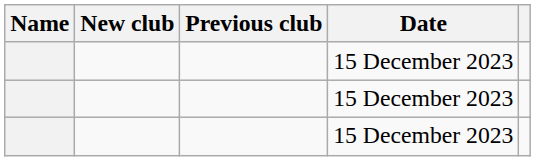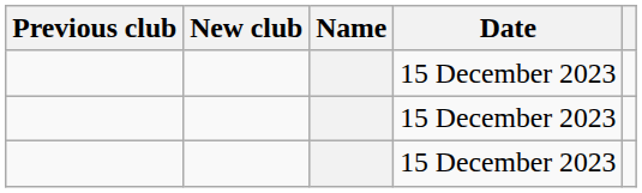 <table class="wikitable sortable plainrowheaders">
 <tr>
+<th>Previous club</th>
+<th>New club</th>
 <th>Name</th>
-<th>New club</th>
-<th>Previous club</th>
 <th>Date</th>
 <th class=unsortable></th>
 </tr>
 <tr>
-<th scope=row></th>
 <td></td>
 <td></td>
+<th scope=row></th>
 <td>15 December 2023</td>
 <td align=center></td>
 </tr>
 <tr>
-<th scope=row></th>
 <td></td>
 <td></td>
+<th scope=row></th>
 <td>15 December 2023</td>
 <td align=center></td>
 </tr>
 <tr>
-<th scope=row></th>
 <td></td>
 <td></td>
+<th scope=row></th>
 <td>15 December 2023</td>
 <td align=center></td>
 </tr>
 </table>
